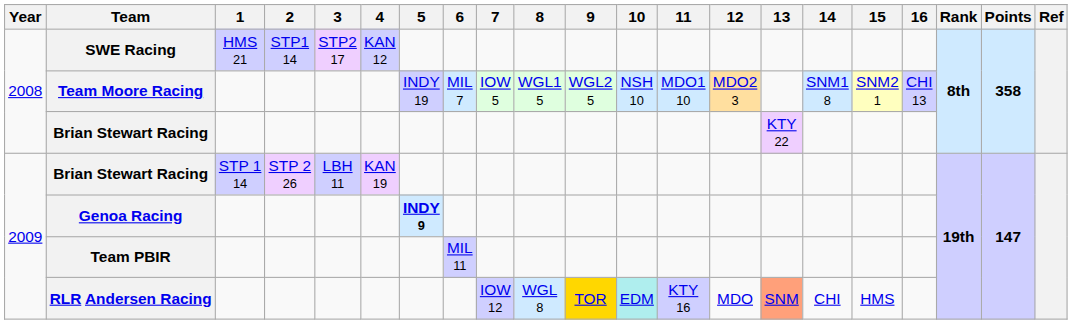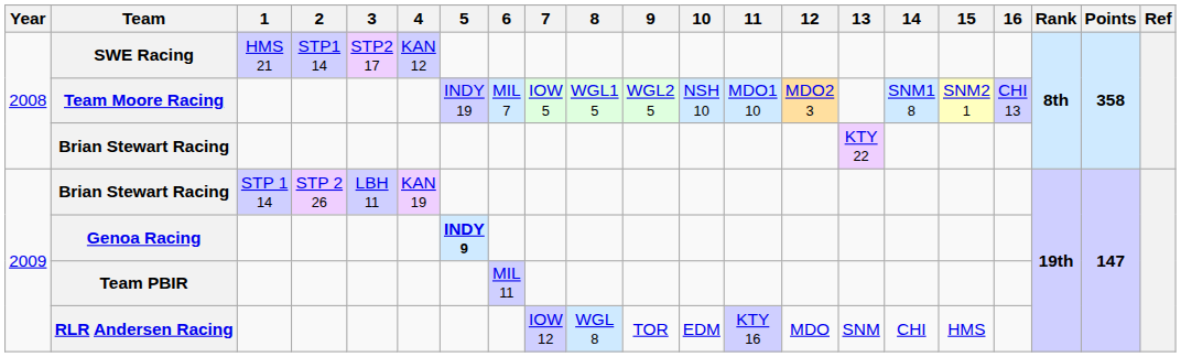 <table class="wikitable" style="text-align:center; font-size:90%">
 <tr>
 <th>Year</th>
 <th>Team</th>
 <th>1</th>
 <th>2</th>
 <th>3</th>
 <th>4</th>
 <th>5</th>
 <th>6</th>
 <th>7</th>
 <th>8</th>
 <th>9</th>
 <th>10</th>
 <th>11</th>
 <th>12</th>
 <th>13</th>
 <th>14</th>
 <th>15</th>
 <th>16</th>
 <th>Rank</th>
 <th>Points</th>
 <th>Ref</th>
 </tr>
 <tr>
 <td rowspan=3><a href='#'>2008</a></td>
 <th>SWE Racing</th>
 <td style="background:#CFCFFF;"><a href='#'>HMS</a><br><small>21</small></td>
 <td style="background:#CFCFFF;"><a href='#'>STP1</a><br><small>14</small></td>
 <td style="background:#EFCFFF;"><a href='#'>STP2</a><br><small>17</small></td>
 <td style="background:#CFCFFF;"><a href='#'>KAN</a><br><small>12</small></td>
 <td></td>
 <td></td>
 <td></td>
 <td></td>
 <td></td>
 <td></td>
 <td></td>
 <td></td>
 <td></td>
 <td></td>
 <td></td>
 <td></td>
 <td rowspan=3 style="background:#CFEAFF;"><strong>8th</strong></td>
 <td rowspan=3 style="background:#CFEAFF;"><strong>358</strong></td>
 <th rowspan=3></th>
 </tr>
 <tr>
 <th><a href='#'>Team Moore Racing</a></th>
 <td></td>
 <td></td>
 <td></td>
 <td></td>
 <td style="background:#CFCFFF;"><a href='#'>INDY</a><br><small>19</small></td>
 <td style="background:#CFEAFF;"><a href='#'>MIL</a><br><small>7</small></td>
 <td style="background:#DFFFDF;"><a href='#'>IOW</a><br><small>5</small></td>
 <td style="background:#DFFFDF;"><a href='#'>WGL1</a><br><small>5</small></td>
 <td style="background:#DFFFDF;"><a href='#'>WGL2</a><br><small>5</small></td>
 <td style="background:#CFEAFF;"><a href='#'>NSH</a><br><small>10</small></td>
 <td style="background:#CFEAFF;"><a href='#'>MDO1</a><br><small>10</small></td>
 <td style="background:#FFDF9F;"><a href='#'>MDO2</a><br><small>3</small></td>
 <td></td>
 <td style="background:#CFEAFF;"><a href='#'>SNM1</a><br><small>8</small></td>
 <td style="background:#FFFFBF;"><a href='#'>SNM2</a><br><small>1</small></td>
 <td style="background:#CFCFFF;"><a href='#'>CHI</a><br><small>13</small></td>
 </tr>
 <tr>
 <th>Brian Stewart Racing</th>
 <td></td>
 <td></td>
 <td></td>
 <td></td>
 <td></td>
 <td></td>
 <td></td>
 <td></td>
 <td></td>
 <td></td>
 <td></td>
 <td></td>
 <td style="background:#EFCFFF;"><a href='#'>KTY</a><br><small>22</small></td>
 <td></td>
 <td></td>
 <td></td>
 </tr>
 <tr>
 <td rowspan=4><a href='#'>2009</a></td>
 <th>Brian Stewart Racing</th>
 <td style="background:#CFCFFF;"><a href='#'>STP 1</a><br><small>14</small></td>
 <td style="background:#EFCFFF;"><a href='#'>STP 2</a><br><small>26</small></td>
 <td style="background:#CFCFFF;"><a href='#'>LBH</a><br><small>11</small></td>
 <td style="background:#EFCFFF;"><a href='#'>KAN</a><br><small>19</small></td>
 <td></td>
 <td></td>
 <td></td>
 <td></td>
 <td></td>
 <td></td>
 <td></td>
 <td></td>
 <td></td>
 <td></td>
 <td></td>
 <td></td>
 <td rowspan=4 style="background:#CFCFFF;"><strong>19th</strong></td>
 <td rowspan=4 style="background:#CFCFFF;"><strong>147</strong></td>
 <th rowspan=4></th>
 </tr>
 <tr>
 <th><a href='#'>Genoa Racing</a></th>
 <td></td>
 <td></td>
 <td></td>
 <td></td>
 <td style="background:#CFEAFF;"><strong><a href='#'>INDY</a><br><small>9</small></strong></td>
 <td></td>
 <td></td>
 <td></td>
 <td></td>
 <td></td>
 <td></td>
 <td></td>
 <td></td>
 <td></td>
 <td></td>
 <td></td>
 </tr>
 <tr>
 <th>Team PBIR</th>
 <td></td>
 <td></td>
 <td></td>
 <td></td>
 <td></td>
 <td style="background:#CFCFFF;"><a href='#'>MIL</a><br><small>11</small></td>
 <td></td>
 <td></td>
 <td></td>
 <td></td>
 <td></td>
 <td></td>
 <td></td>
 <td></td>
 <td></td>
 <td></td>
 </tr>
 <tr>
 <th><a href='#'>RLR</a> <a href='#'>Andersen Racing</a></th>
 <td></td>
 <td></td>
 <td></td>
 <td></td>
 <td></td>
 <td></td>
 <td style="background:#CFCFFF;"><a href='#'>IOW</a><br><small>12</small></td>
 <td style="background:#CFEAFF;"><a href='#'>WGL</a><br><small>8</small></td>
-<td style="background: gold;"><a href='#'>TOR</a></td>
-<td style="background: paleturquoise;"><a href='#'>EDM</a></td>
+<td><a href='#'>TOR</a></td>
+<td><a href='#'>EDM</a></td>
 <td style="background:#CFCFFF;"><a href='#'>KTY</a><br><small>16</small></td>
 <td><a href='#'>MDO</a></td>
-<td style="background: lightsalmon;"><a href='#'>SNM</a></td>
+<td><a href='#'>SNM</a></td>
 <td><a href='#'>CHI</a></td>
 <td><a href='#'>HMS</a></td>
 <td></td>
 </tr>
 </table>
